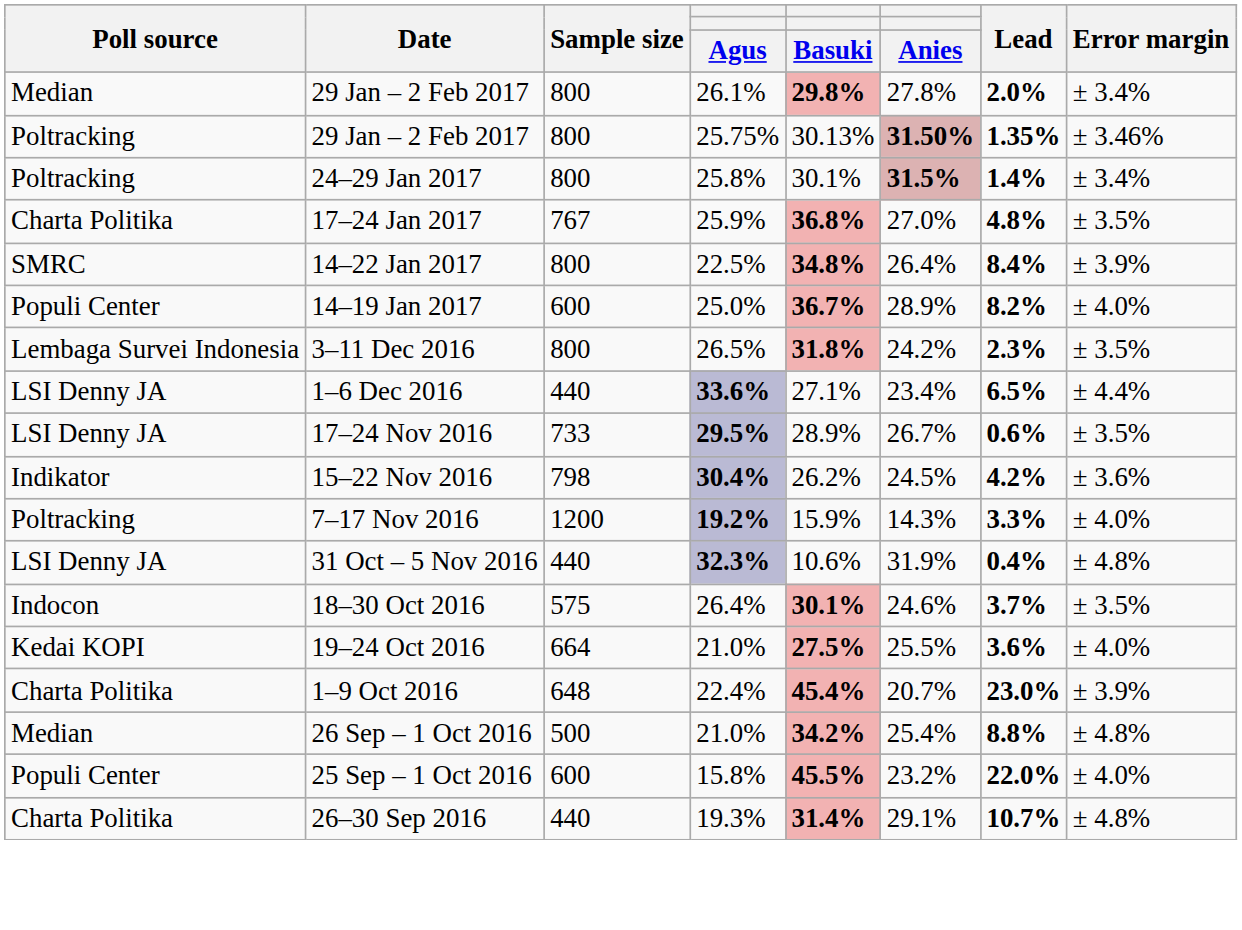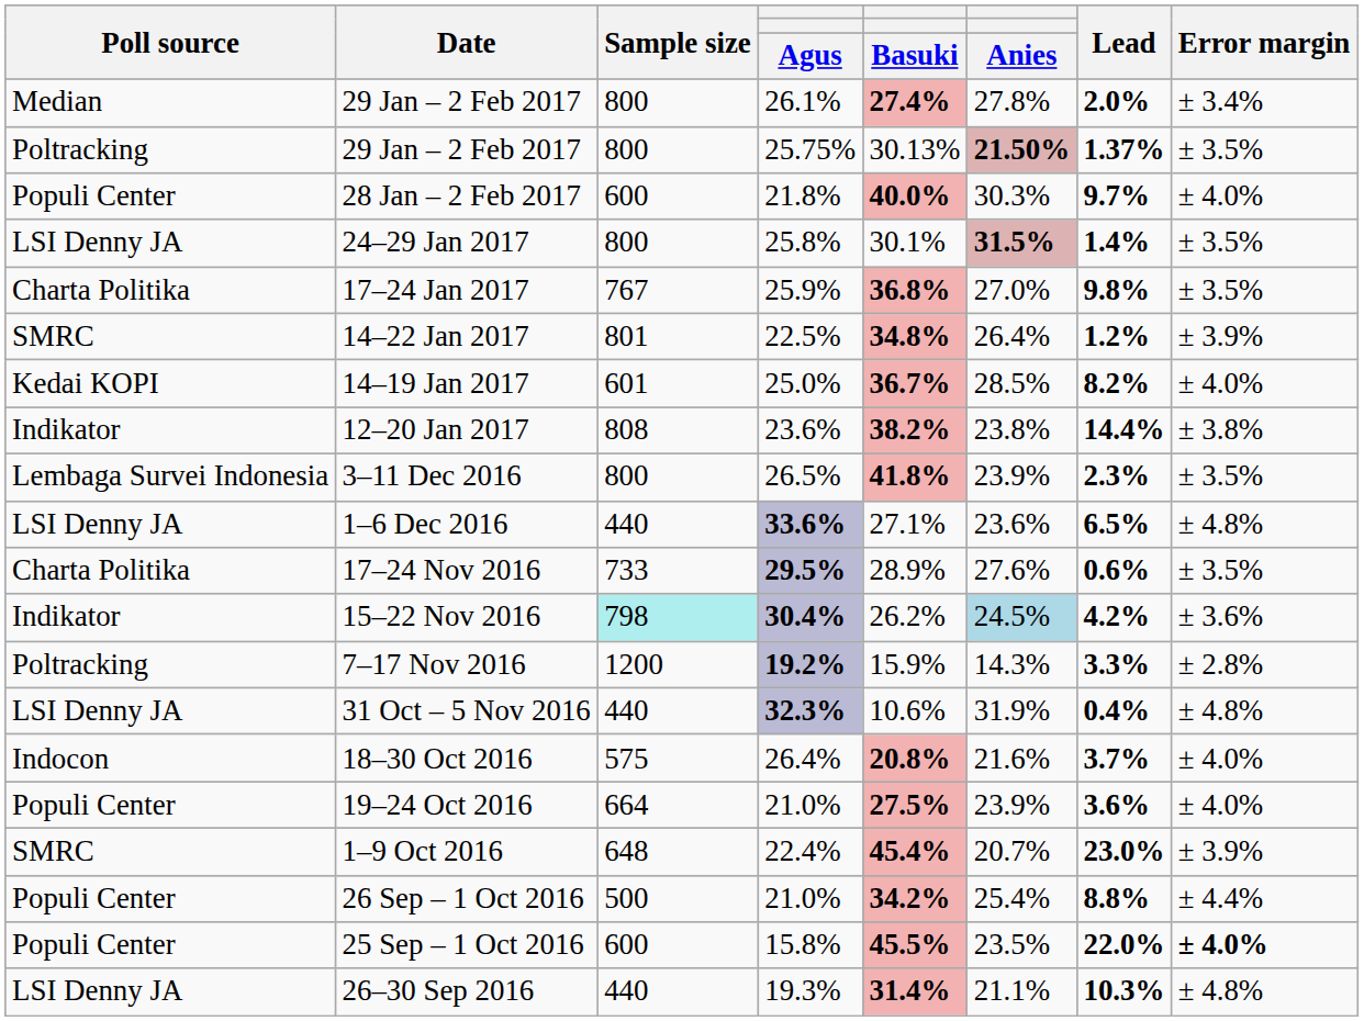 <table class="wikitable sortable">
 <tr>
 <th rowspan="3">Poll source</th>
 <th rowspan="3">Date</th>
 <th rowspan="3">Sample size</th>
 <th></th>
 <th></th>
 <th></th>
 <th rowspan="3">Lead</th>
 <th rowspan="3">Error margin</th>
 </tr>
 <tr>
 <th style="color:inherit;background:"></th>
 <th style="color:inherit;background:"></th>
 <th style="color:inherit;background:"></th>
 </tr>
 <tr>
 <th><a href='#'>Agus</a></th>
 <th><a href='#'>Basuki</a></th>
 <th><a href='#'>Anies</a></th>
 </tr>
 <tr>
 <td>Median</td>
 <td>29 Jan – 2 Feb 2017</td>
 <td>800</td>
 <td>26.1%</td>
-<td style="background:#F2B2B2;"><strong>29.8%</strong></td>
+<td style="background:#F2B2B2;"><strong>27.4%</strong></td>
 <td>27.8%</td>
 <td style="background:"><strong>2.0%</strong></td>
 <td>± 3.4%</td>
 </tr>
 <tr>
 <td>Poltracking</td>
 <td>29 Jan – 2 Feb 2017</td>
 <td>800</td>
 <td>25.75%</td>
 <td>30.13%</td>
-<td style="background:#DCB2B2;"><strong>31.50%</strong></td>
-<td style="background:"><strong>1.35%</strong></td>
-<td>± 3.46%</td>
+<td style="background:#DCB2B2;"><strong>21.50%</strong></td>
+<td style="background:"><strong>1.37%</strong></td>
+<td>± 3.5%</td>
 </tr>
 <tr>
-<td>Poltracking</td>
+<td>Populi Center</td>
+<td>28 Jan – 2 Feb 2017</td>
+<td>600</td>
+<td>21.8%</td>
+<td style="background:#F2B2B2;"><strong>40.0%</strong></td>
+<td>30.3%</td>
+<td style="background:"><strong>9.7%</strong></td>
+<td>± 4.0%</td>
+</tr>
+<tr>
+<td>LSI Denny JA</td>
 <td>24–29 Jan 2017</td>
 <td>800</td>
 <td>25.8%</td>
 <td>30.1%</td>
 <td style="background:#DCB2B2;"><strong>31.5%</strong></td>
 <td style="background:"><strong>1.4%</strong></td>
-<td>± 3.4%</td>
+<td>± 3.5%</td>
 </tr>
 <tr>
 <td>Charta Politika</td>
 <td>17–24 Jan 2017</td>
 <td>767</td>
 <td>25.9%</td>
 <td style="background:#F2B2B2;"><strong>36.8%</strong></td>
 <td>27.0%</td>
-<td style="background:"><strong>4.8%</strong></td>
+<td style="background:"><strong>9.8%</strong></td>
 <td>± 3.5%</td>
 </tr>
 <tr>
 <td>SMRC</td>
 <td>14–22 Jan 2017</td>
-<td>800</td>
+<td>801</td>
 <td>22.5%</td>
 <td style="background:#F2B2B2;"><strong>34.8%</strong></td>
 <td>26.4%</td>
-<td style="background:"><strong>8.4%</strong></td>
+<td style="background:"><strong>1.2%</strong></td>
 <td>± 3.9%</td>
 </tr>
 <tr>
-<td>Populi Center</td>
+<td>Kedai KOPI</td>
 <td>14–19 Jan 2017</td>
-<td>600</td>
+<td>601</td>
 <td>25.0%</td>
 <td style="background:#F2B2B2;"><strong>36.7%</strong></td>
-<td>28.9%</td>
+<td>28.5%</td>
 <td style="background:"><strong>8.2%</strong></td>
 <td>± 4.0%</td>
+</tr>
+<tr>
+<td>Indikator</td>
+<td>12–20 Jan 2017</td>
+<td>808</td>
+<td>23.6%</td>
+<td style="background:#F2B2B2;"><strong>38.2%</strong></td>
+<td>23.8%</td>
+<td style="background:"><strong>14.4%</strong></td>
+<td>± 3.8%</td>
 </tr>
 <tr>
 <td>Lembaga Survei Indonesia</td>
 <td>3–11 Dec 2016</td>
 <td>800</td>
 <td>26.5%</td>
-<td style="background:#F2B2B2;"><strong>31.8%</strong></td>
-<td>24.2%</td>
+<td style="background:#F2B2B2;"><strong>41.8%</strong></td>
+<td>23.9%</td>
 <td style="background:"><strong>2.3%</strong></td>
 <td>± 3.5%</td>
 </tr>
 <tr>
 <td>LSI Denny JA</td>
 <td>1–6 Dec 2016</td>
 <td>440</td>
 <td style="background:#BABAD4;"><strong>33.6%</strong></td>
 <td>27.1%</td>
-<td>23.4%</td>
+<td>23.6%</td>
 <td style="background:"><strong>6.5%</strong></td>
-<td>± 4.4%</td>
+<td>± 4.8%</td>
 </tr>
 <tr>
-<td>LSI Denny JA</td>
+<td>Charta Politika</td>
 <td>17–24 Nov 2016</td>
 <td>733</td>
 <td style="background:#BABAD4;"><strong>29.5%</strong></td>
 <td>28.9%</td>
-<td>26.7%</td>
+<td>27.6%</td>
 <td style="background:"><strong>0.6%</strong></td>
 <td>± 3.5%</td>
 </tr>
 <tr>
 <td>Indikator</td>
 <td>15–22 Nov 2016</td>
-<td>798</td>
+<td style="background: paleturquoise;">798</td>
 <td style="background:#BABAD4;"><strong>30.4%</strong></td>
 <td>26.2%</td>
-<td>24.5%</td>
+<td style="background: lightblue;">24.5%</td>
 <td style="background:"><strong>4.2%</strong></td>
 <td>± 3.6%</td>
 </tr>
 <tr>
 <td>Poltracking</td>
 <td>7–17 Nov 2016</td>
 <td>1200</td>
 <td style="background:#BABAD4;"><strong>19.2%</strong></td>
 <td>15.9%</td>
 <td>14.3%</td>
 <td style="background:"><strong>3.3%</strong></td>
-<td>± 4.0%</td>
+<td>± 2.8%</td>
 </tr>
 <tr>
 <td>LSI Denny JA</td>
 <td>31 Oct – 5 Nov 2016</td>
 <td>440</td>
 <td style="background:#BABAD4;"><strong>32.3%</strong></td>
 <td>10.6%</td>
 <td>31.9%</td>
 <td style="background:"><strong>0.4%</strong></td>
 <td>± 4.8%</td>
 </tr>
 <tr>
 <td>Indocon</td>
 <td>18–30 Oct 2016</td>
 <td>575</td>
 <td>26.4%</td>
-<td style="background:#F2B2B2;"><strong>30.1%</strong></td>
-<td>24.6%</td>
+<td style="background:#F2B2B2;"><strong>20.8%</strong></td>
+<td>21.6%</td>
 <td style="background:"><strong>3.7%</strong></td>
-<td>± 3.5%</td>
+<td>± 4.0%</td>
 </tr>
 <tr>
-<td>Kedai KOPI</td>
+<td>Populi Center</td>
 <td>19–24 Oct 2016</td>
 <td>664</td>
 <td>21.0%</td>
 <td style="background:#F2B2B2;"><strong>27.5%</strong></td>
-<td>25.5%</td>
+<td>23.9%</td>
 <td style="background:"><strong>3.6%</strong></td>
 <td>± 4.0%</td>
 </tr>
 <tr>
-<td>Charta Politika</td>
+<td>SMRC</td>
 <td>1–9 Oct 2016</td>
 <td>648</td>
 <td>22.4%</td>
 <td style="background:#F2B2B2;"><strong>45.4%</strong></td>
 <td>20.7%</td>
 <td style="background:"><strong>23.0%</strong></td>
 <td>± 3.9%</td>
 </tr>
 <tr>
-<td>Median</td>
+<td>Populi Center</td>
 <td>26 Sep – 1 Oct 2016</td>
 <td>500</td>
 <td>21.0%</td>
 <td style="background:#F2B2B2;"><strong>34.2%</strong></td>
 <td>25.4%</td>
 <td style="background:"><strong>8.8%</strong></td>
-<td>± 4.8%</td>
+<td>± 4.4%</td>
 </tr>
 <tr>
 <td>Populi Center</td>
 <td>25 Sep – 1 Oct 2016</td>
 <td>600</td>
 <td>15.8%</td>
 <td style="background:#F2B2B2;"><strong>45.5%</strong></td>
-<td>23.2%</td>
+<td>23.5%</td>
 <td style="background:"><strong>22.0%</strong></td>
-<td>± 4.0%</td>
+<td><strong>± 4.0%</strong></td>
 </tr>
 <tr>
-<td>Charta Politika</td>
+<td>LSI Denny JA</td>
 <td>26–30 Sep 2016</td>
 <td>440</td>
 <td>19.3%</td>
 <td style="background:#F2B2B2;"><strong>31.4%</strong></td>
-<td>29.1%</td>
-<td style="background:"><strong>10.7%</strong></td>
+<td>21.1%</td>
+<td style="background:"><strong>10.3%</strong></td>
 <td>± 4.8%</td>
 </tr>
 </table>
